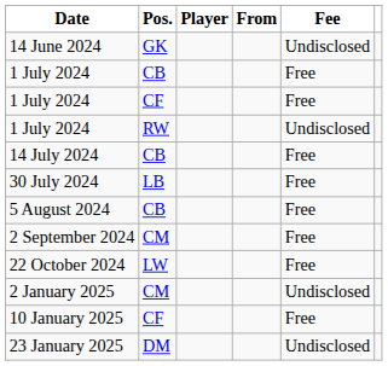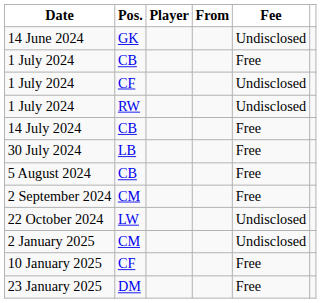 <table class="wikitable plainrowheaders sortable">
 <tr>
 <th style="background-color:white;">Date</th>
 <th style="background-color:white;">Pos.</th>
 <th style="background-color:white;">Player</th>
 <th style="background-color:white;">From</th>
 <th style="background-color:white;">Fee</th>
 <th style="background-color:white;"></th>
 </tr>
 <tr>
 <td>14 June 2024</td>
 <td><a href='#'>GK</a></td>
 <td></td>
 <td></td>
 <td>Undisclosed</td>
 <td></td>
 </tr>
 <tr>
 <td>1 July 2024</td>
 <td><a href='#'>CB</a></td>
 <td></td>
 <td></td>
 <td>Free</td>
 <td></td>
 </tr>
 <tr>
 <td>1 July 2024</td>
 <td><a href='#'>CF</a></td>
 <td></td>
 <td></td>
-<td>Free</td>
+<td>Undisclosed</td>
 <td></td>
 </tr>
 <tr>
 <td>1 July 2024</td>
 <td><a href='#'>RW</a></td>
 <td></td>
 <td></td>
 <td>Undisclosed</td>
 <td></td>
 </tr>
 <tr>
 <td>14 July 2024</td>
 <td><a href='#'>CB</a></td>
 <td></td>
 <td></td>
 <td>Free</td>
 <td></td>
 </tr>
 <tr>
 <td>30 July 2024</td>
 <td><a href='#'>LB</a></td>
 <td></td>
 <td></td>
 <td>Free</td>
 <td></td>
 </tr>
 <tr>
 <td>5 August 2024</td>
 <td><a href='#'>CB</a></td>
 <td></td>
 <td></td>
 <td>Free</td>
 <td></td>
 </tr>
 <tr>
 <td>2 September 2024</td>
 <td><a href='#'>CM</a></td>
 <td></td>
 <td></td>
 <td>Free</td>
 <td></td>
 </tr>
 <tr>
 <td>22 October 2024</td>
 <td><a href='#'>LW</a></td>
 <td></td>
 <td></td>
-<td>Free</td>
+<td>Undisclosed</td>
 <td></td>
 </tr>
 <tr>
 <td>2 January 2025</td>
 <td><a href='#'>CM</a></td>
 <td></td>
 <td></td>
 <td>Undisclosed</td>
 <td></td>
 </tr>
 <tr>
 <td>10 January 2025</td>
 <td><a href='#'>CF</a></td>
 <td></td>
 <td></td>
 <td>Free</td>
 <td></td>
 </tr>
 <tr>
 <td>23 January 2025</td>
 <td><a href='#'>DM</a></td>
 <td></td>
 <td></td>
-<td>Undisclosed</td>
+<td>Free</td>
 <td></td>
 </tr>
 </table>
